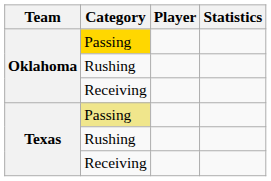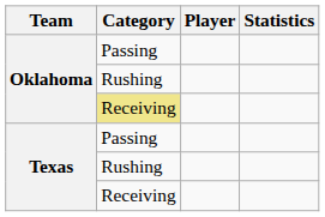 <table class="wikitable" style="float:right">
 <tr>
 <th>Team</th>
 <th>Category</th>
 <th>Player</th>
 <th>Statistics</th>
 </tr>
 <tr>
 <th rowspan=3>Oklahoma</th>
-<td style="background: gold;">Passing</td>
+<td>Passing</td>
 <td></td>
 <td></td>
 </tr>
 <tr>
 <td>Rushing</td>
 <td></td>
 <td></td>
 </tr>
 <tr>
-<td>Receiving</td>
+<td style="background: khaki;">Receiving</td>
 <td></td>
 <td></td>
 </tr>
 <tr>
 <th rowspan=3>Texas</th>
-<td style="background: khaki;">Passing</td>
+<td>Passing</td>
 <td></td>
 <td></td>
 </tr>
 <tr>
 <td>Rushing</td>
 <td></td>
 <td></td>
 </tr>
 <tr>
 <td>Receiving</td>
 <td></td>
 <td></td>
 </tr>
 </table>
